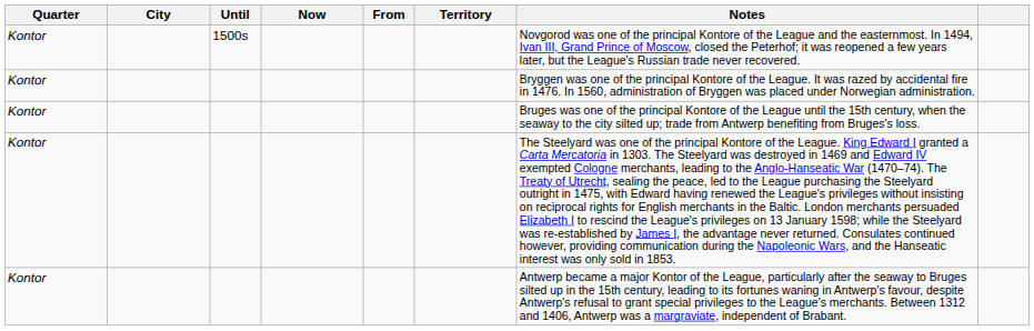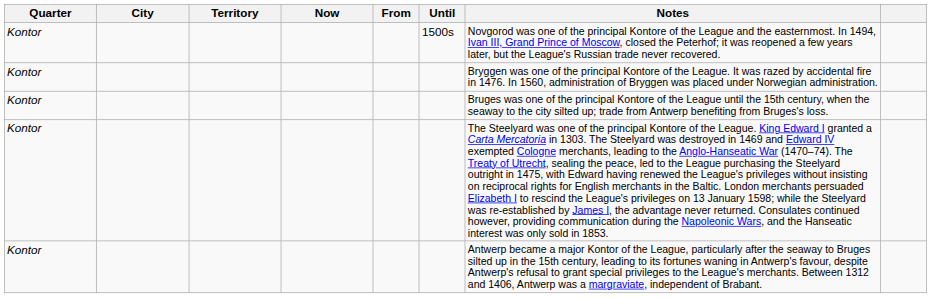 <table class="sortable wikitable" style="width: 100%">
 <tr>
 <th style="width: 10%; ">Quarter</th>
 <th style="width: 10%; ">City</th>
-<th style="width: 5%; ">Until</th>
+<th style="width: 10%; ">Territory</th>
 <th style="width: 10%; ">Now</th>
 <th style="width: 5%; ">From</th>
-<th style="width: 10%; ">Territory</th>
+<th style="width: 5%; ">Until</th>
 <th class="unsortable" style="width: 45%;">Notes</th>
 <th class="unsortable" style="width: 5%; "></th>
 </tr>
 <tr valign="top">
 <td><em>Kontor</em></td>
 <td></td>
-<td> 1500s</td>
 <td></td>
 <td></td>
 <td></td>
+<td> 1500s</td>
 <td style="font-size: 90%;">Novgorod was one of the principal Kontore of the League and the easternmost. In 1494, <a href='#'>Ivan III, Grand Prince of Moscow</a>, closed the Peterhof; it was reopened a few years later, but the League's Russian trade never recovered.</td>
 <td> </td>
 </tr>
 <tr valign="top">
 <td><em>Kontor</em></td>
 <td></td>
 <td></td>
 <td></td>
 <td></td>
 <td></td>
 <td style="font-size: 90%;">Bryggen was one of the principal Kontore of the League. It was razed by accidental fire in 1476. In 1560, administration of Bryggen was placed under Norwegian administration.</td>
 <td> </td>
 </tr>
 <tr valign="top">
 <td><em>Kontor</em></td>
 <td></td>
 <td></td>
 <td></td>
 <td></td>
 <td></td>
 <td style="font-size: 90%;">Bruges was one of the principal Kontore of the League until the 15th century, when the seaway to the city silted up; trade from Antwerp benefiting from Bruges's loss.</td>
 <td> </td>
 </tr>
 <tr valign="top">
 <td><em>Kontor</em></td>
 <td></td>
 <td></td>
 <td></td>
 <td></td>
 <td></td>
 <td style="font-size: 90%;">The Steelyard was one of the principal Kontore of the League. <a href='#'>King Edward I</a> granted a <em><a href='#'>Carta Mercatoria</a></em> in 1303. The Steelyard was destroyed in 1469 and <a href='#'>Edward IV</a> exempted <a href='#'>Cologne</a> merchants, leading to the <a href='#'>Anglo-Hanseatic War</a> (1470–74). The <a href='#'>Treaty of Utrecht</a>, sealing the peace, led to the League purchasing the Steelyard outright in 1475, with Edward having renewed the League's privileges without insisting on reciprocal rights for English merchants in the Baltic. London merchants persuaded <a href='#'>Elizabeth I</a> to rescind the League's privileges on 13 January 1598; while the Steelyard was re-established by <a href='#'>James I</a>, the advantage never returned. Consulates continued however, providing communication during the <a href='#'>Napoleonic Wars</a>, and the Hanseatic interest was only sold in 1853.</td>
 <td> </td>
 </tr>
 <tr valign="top">
 <td><em>Kontor</em></td>
 <td></td>
 <td></td>
 <td></td>
 <td></td>
 <td></td>
 <td style="font-size: 90%;">Antwerp became a major Kontor of the League, particularly after the seaway to Bruges silted up in the 15th century, leading to its fortunes waning in Antwerp's favour, despite Antwerp's refusal to grant special privileges to the League's merchants. Between 1312 and 1406, Antwerp was a <a href='#'>margraviate</a>, independent of Brabant.</td>
 <td> </td>
 </tr>
 </table>
